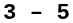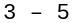 <table style="text-align:center">
 <tr>
 <th width=200></th>
 <th width=100></th>
 <th width=200></th>
 </tr>
 <tr>
 <td align=right></td>
-<td><strong>3 – 5</strong></td>
+<td>3 – 5</td>
 <td align=left><strong></strong></td>
 </tr>
 </table>
